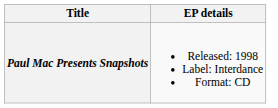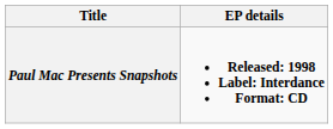 <table class="wikitable plainrowheaders" style="text-align:center;" border="1">
 <tr>
 <th scope="col">Title</th>
 <th scope="col">EP details</th>
 </tr>
 <tr>
 <th scope="row"><em>Paul Mac Presents Snapshots</em></th>
-<td><br><ul><li>Released: 1998</li><li>Label: Interdance</li><li>Format: CD</li></ul></td>
+<td><strong><br><ul><li>Released: 1998</li><li>Label: Interdance</li><li>Format: CD</li></ul></strong></td>
 </tr>
 </table>
